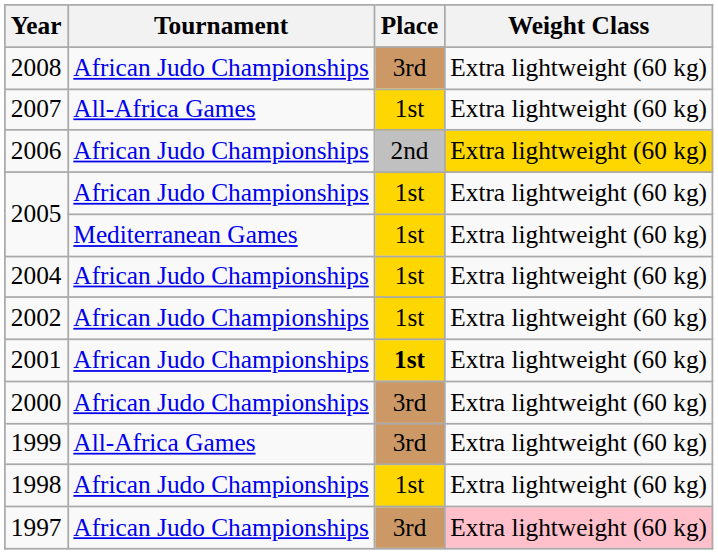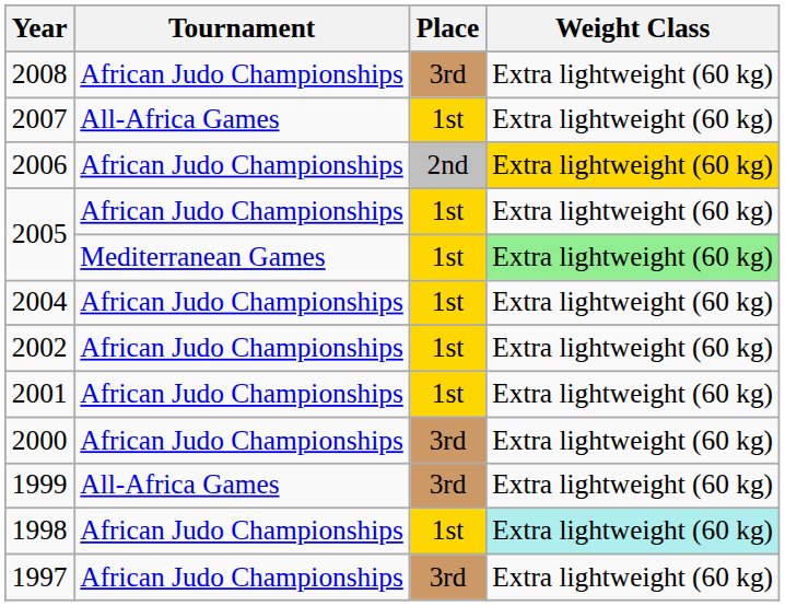 <table class="wikitable" style="border-collapse: collapse; font-size: 90%;">
 <tr>
 <th>Year</th>
 <th>Tournament</th>
 <th>Place</th>
 <th>Weight Class</th>
 </tr>
 <tr>
 <td>2008</td>
 <td><a href='#'>African Judo Championships</a></td>
 <td bgcolor="cc9966" align="center">3rd</td>
 <td>Extra lightweight (60 kg)</td>
 </tr>
 <tr>
 <td>2007</td>
 <td><a href='#'>All-Africa Games</a></td>
 <td bgcolor="gold" align="center">1st</td>
 <td>Extra lightweight (60 kg)</td>
 </tr>
 <tr>
 <td>2006</td>
 <td><a href='#'>African Judo Championships</a></td>
 <td bgcolor="silver" align="center">2nd</td>
 <td style="background: gold;">Extra lightweight (60 kg)</td>
 </tr>
 <tr>
 <td rowspan=2>2005</td>
 <td><a href='#'>African Judo Championships</a></td>
 <td bgcolor="gold" align="center">1st</td>
 <td>Extra lightweight (60 kg)</td>
 </tr>
 <tr>
 <td><a href='#'>Mediterranean Games</a></td>
 <td bgcolor="gold" align="center">1st</td>
-<td>Extra lightweight (60 kg)</td>
+<td style="background: lightgreen;">Extra lightweight (60 kg)</td>
 </tr>
 <tr>
 <td>2004</td>
 <td><a href='#'>African Judo Championships</a></td>
 <td bgcolor="gold" align="center">1st</td>
 <td>Extra lightweight (60 kg)</td>
 </tr>
 <tr>
 <td>2002</td>
 <td><a href='#'>African Judo Championships</a></td>
 <td bgcolor="gold" align="center">1st</td>
 <td>Extra lightweight (60 kg)</td>
 </tr>
 <tr>
 <td>2001</td>
 <td><a href='#'>African Judo Championships</a></td>
-<td bgcolor="gold" align="center"><strong>1st</strong></td>
+<td bgcolor="gold" align="center">1st</td>
 <td>Extra lightweight (60 kg)</td>
 </tr>
 <tr>
 <td>2000</td>
 <td><a href='#'>African Judo Championships</a></td>
 <td bgcolor="cc9966" align="center">3rd</td>
 <td>Extra lightweight (60 kg)</td>
 </tr>
 <tr>
 <td>1999</td>
 <td><a href='#'>All-Africa Games</a></td>
 <td bgcolor="cc9966" align="center">3rd</td>
 <td>Extra lightweight (60 kg)</td>
 </tr>
 <tr>
 <td>1998</td>
 <td><a href='#'>African Judo Championships</a></td>
 <td bgcolor="gold" align="center">1st</td>
-<td>Extra lightweight (60 kg)</td>
+<td style="background: paleturquoise;">Extra lightweight (60 kg)</td>
 </tr>
 <tr>
 <td>1997</td>
 <td><a href='#'>African Judo Championships</a></td>
 <td bgcolor="cc9966" align="center">3rd</td>
-<td style="background: pink;">Extra lightweight (60 kg)</td>
+<td>Extra lightweight (60 kg)</td>
 </tr>
 </table>
